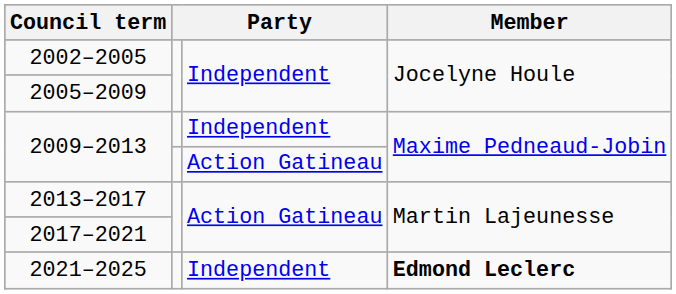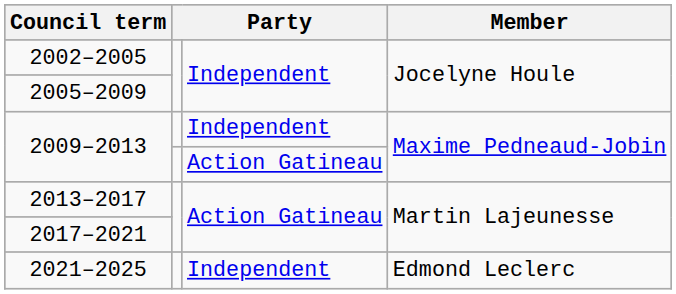 <table class="wikitable">
 <tr>
 <th>Council term</th>
 <th colspan="2">Party</th>
 <th>Member</th>
 </tr>
 <tr>
 <td align="center">2002–2005</td>
 <td rowspan="2" style="color:inherit;background-color:"></td>
 <td rowspan="2"><a href='#'>Independent</a></td>
 <td rowspan="2">Jocelyne Houle</td>
 </tr>
 <tr>
 <td align="center">2005–2009</td>
 </tr>
 <tr>
 <td rowspan="2" align="center">2009–2013</td>
 <td style="color:inherit;background-color:"></td>
 <td><a href='#'>Independent</a></td>
 <td rowspan="2"><a href='#'>Maxime Pedneaud-Jobin</a></td>
 </tr>
 <tr>
 <td style="color:inherit;background-color:"></td>
 <td><a href='#'>Action Gatineau</a></td>
 </tr>
 <tr>
 <td align="center">2013–2017</td>
 <td rowspan="2" style="color:inherit;background-color:"></td>
 <td rowspan="2"><a href='#'>Action Gatineau</a></td>
 <td rowspan="2">Martin Lajeunesse</td>
 </tr>
 <tr>
 <td align="center">2017–2021</td>
 </tr>
 <tr>
 <td align="center">2021–2025</td>
 <td style="color:inherit;background-color:"></td>
 <td><a href='#'>Independent</a></td>
-<td><strong>Edmond Leclerc</strong></td>
+<td>Edmond Leclerc</td>
 </tr>
 </table>
